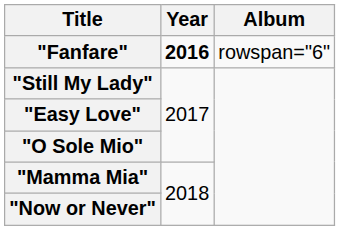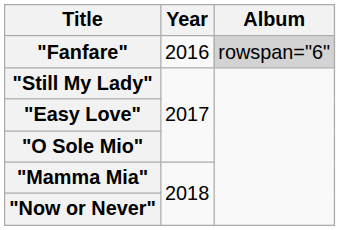 <table class="wikitable plainrowheaders" style="text-align:center">
 <tr>
 <th scope="col">Title</th>
 <th scope="col">Year</th>
 <th scope="col">Album</th>
 </tr>
 <tr>
 <th scope="row">"Fanfare"</th>
-<td><strong>2016</strong></td>
-<td>rowspan="6" </td>
+<td>2016</td>
+<td style="background: lightgrey;">rowspan="6" </td>
 </tr>
 <tr>
 <th scope="row">"Still My Lady"</th>
 <td rowspan="3">2017</td>
 </tr>
 <tr>
 <th scope="row">"Easy Love"</th>
 </tr>
 <tr>
 <th scope="row">"O Sole Mio"</th>
 </tr>
 <tr>
 <th scope="row">"Mamma Mia"</th>
 <td rowspan="2">2018</td>
 </tr>
 <tr>
 <th scope="row">"Now or Never"</th>
 </tr>
 </table>
